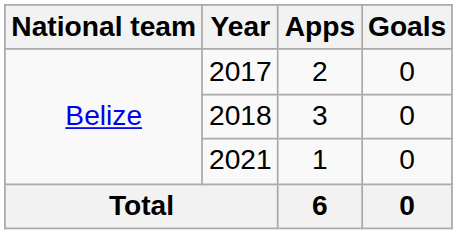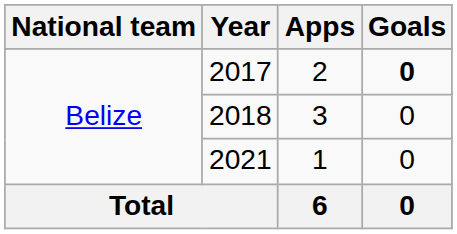 <table class=wikitable style=text-align:center>
 <tr>
 <th>National team</th>
 <th>Year</th>
 <th>Apps</th>
 <th>Goals</th>
 </tr>
 <tr>
 <td rowspan=3><a href='#'>Belize</a></td>
 <td>2017</td>
 <td>2</td>
-<td>0</td>
+<td><strong>0</strong></td>
 </tr>
 <tr>
 <td>2018</td>
 <td>3</td>
 <td>0</td>
 </tr>
 <tr>
 <td>2021</td>
 <td>1</td>
 <td>0</td>
 </tr>
 <tr>
 <th colspan=2>Total</th>
 <th>6</th>
 <th>0</th>
 </tr>
 </table>
